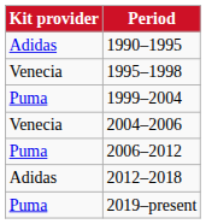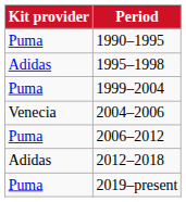 <table class="wikitable">
 <tr>
 <th style="background:#CE1126; color:#FFFFFF; ">Kit provider</th>
 <th style="background:#CE1126; color:#FFFFFF; ">Period</th>
 </tr>
 <tr>
-<td> <a href='#'>Adidas</a></td>
+<td> <a href='#'>Puma</a></td>
 <td>1990–1995</td>
 </tr>
 <tr>
-<td> Venecia</td>
+<td> <a href='#'>Adidas</a></td>
 <td>1995–1998</td>
 </tr>
 <tr>
 <td> <a href='#'>Puma</a></td>
 <td>1999–2004</td>
 </tr>
 <tr>
 <td> Venecia</td>
 <td>2004–2006</td>
 </tr>
 <tr>
 <td> <a href='#'>Puma</a></td>
 <td>2006–2012</td>
 </tr>
 <tr>
 <td> Adidas</td>
 <td>2012–2018</td>
 </tr>
 <tr>
 <td> <a href='#'>Puma</a></td>
 <td>2019–present</td>
 </tr>
 </table>
